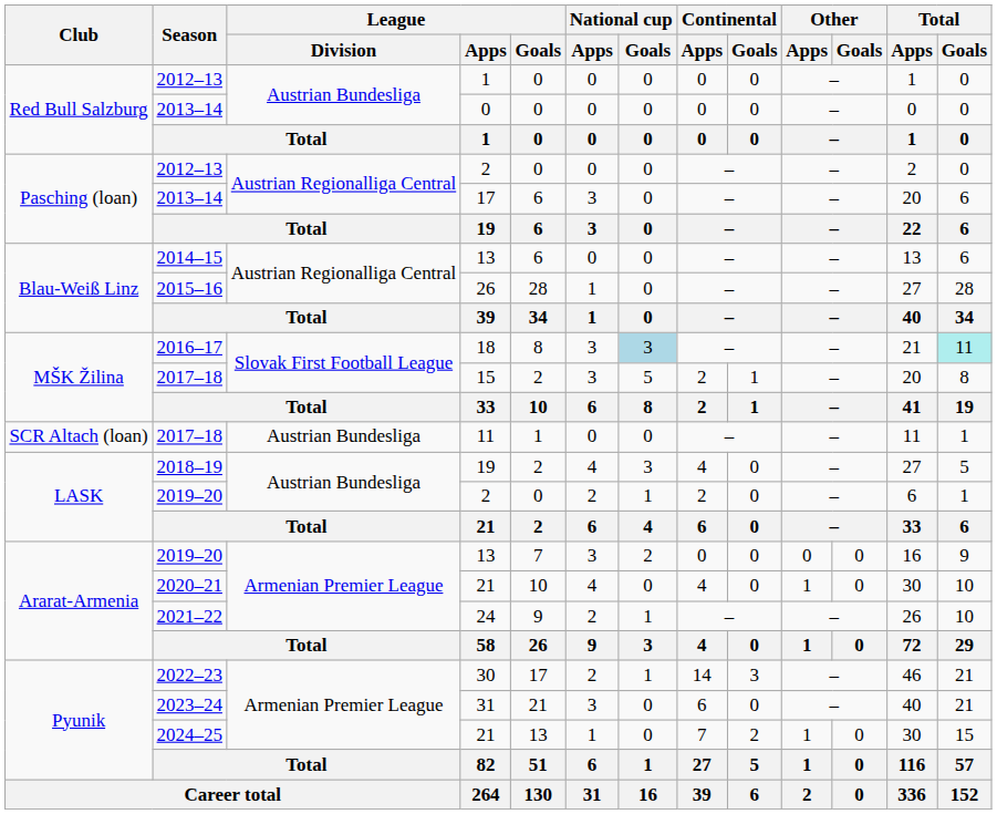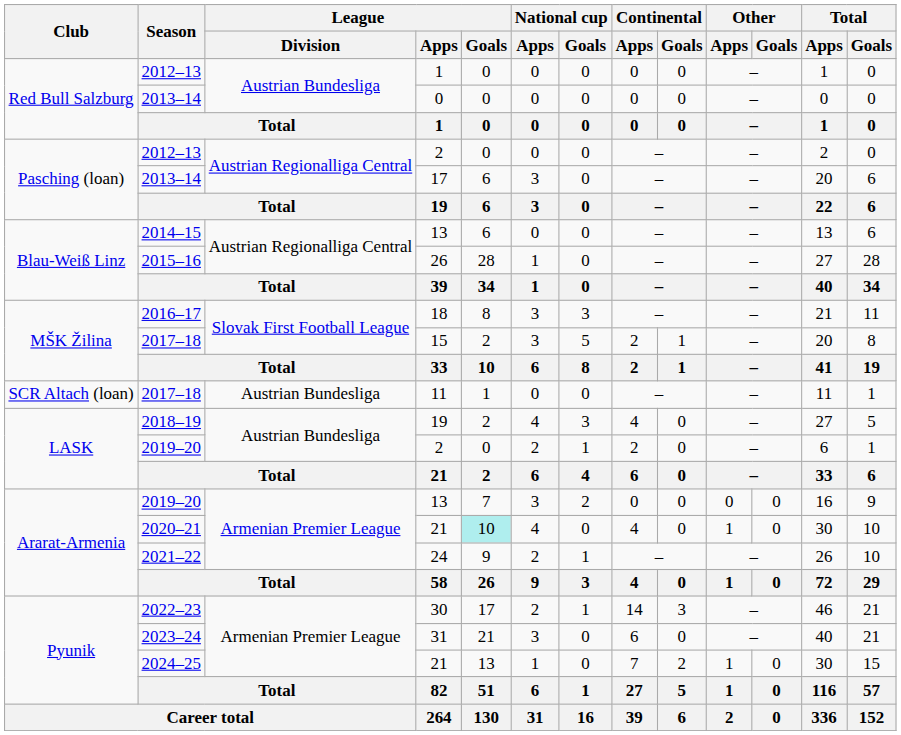 <table class="wikitable" style="text-align: center">
 <tr>
 <th rowspan="2">Club</th>
 <th rowspan="2">Season</th>
 <th colspan="3">League</th>
 <th colspan="2">National cup</th>
 <th colspan="2">Continental</th>
 <th colspan="2">Other</th>
 <th colspan="2">Total</th>
 </tr>
 <tr>
 <th>Division</th>
 <th>Apps</th>
 <th>Goals</th>
 <th>Apps</th>
 <th>Goals</th>
 <th>Apps</th>
 <th>Goals</th>
 <th>Apps</th>
 <th>Goals</th>
 <th>Apps</th>
 <th>Goals</th>
 </tr>
 <tr>
 <td rowspan="3"><a href='#'>Red Bull Salzburg</a></td>
 <td><a href='#'>2012–13</a></td>
 <td rowspan="2"><a href='#'>Austrian Bundesliga</a></td>
 <td>1</td>
 <td>0</td>
 <td>0</td>
 <td>0</td>
 <td>0</td>
 <td>0</td>
 <td colspan="2">–</td>
 <td>1</td>
 <td>0</td>
 </tr>
 <tr>
 <td><a href='#'>2013–14</a></td>
 <td>0</td>
 <td>0</td>
 <td>0</td>
 <td>0</td>
 <td>0</td>
 <td>0</td>
 <td colspan="2">–</td>
 <td>0</td>
 <td>0</td>
 </tr>
 <tr>
 <th colspan="2">Total</th>
 <th>1</th>
 <th>0</th>
 <th>0</th>
 <th>0</th>
 <th>0</th>
 <th>0</th>
 <th colspan="2">–</th>
 <th>1</th>
 <th>0</th>
 </tr>
 <tr>
 <td rowspan="3"><a href='#'>Pasching</a> (loan)</td>
 <td><a href='#'>2012–13</a></td>
 <td rowspan="2"><a href='#'>Austrian Regionalliga Central</a></td>
 <td>2</td>
 <td>0</td>
 <td>0</td>
 <td>0</td>
 <td colspan="2">–</td>
 <td colspan="2">–</td>
 <td>2</td>
 <td>0</td>
 </tr>
 <tr>
 <td><a href='#'>2013–14</a></td>
 <td>17</td>
 <td>6</td>
 <td>3</td>
 <td>0</td>
 <td colspan="2">–</td>
 <td colspan="2">–</td>
 <td>20</td>
 <td>6</td>
 </tr>
 <tr>
 <th colspan="2">Total</th>
 <th>19</th>
 <th>6</th>
 <th>3</th>
 <th>0</th>
 <th colspan="2">–</th>
 <th colspan="2">–</th>
 <th>22</th>
 <th>6</th>
 </tr>
 <tr>
 <td rowspan="3"><a href='#'>Blau-Weiß Linz</a></td>
 <td><a href='#'>2014–15</a></td>
 <td rowspan="2">Austrian Regionalliga Central</td>
 <td>13</td>
 <td>6</td>
 <td>0</td>
 <td>0</td>
 <td colspan="2">–</td>
 <td colspan="2">–</td>
 <td>13</td>
 <td>6</td>
 </tr>
 <tr>
 <td><a href='#'>2015–16</a></td>
 <td>26</td>
 <td>28</td>
 <td>1</td>
 <td>0</td>
 <td colspan="2">–</td>
 <td colspan="2">–</td>
 <td>27</td>
 <td>28</td>
 </tr>
 <tr>
 <th colspan="2">Total</th>
 <th>39</th>
 <th>34</th>
 <th>1</th>
 <th>0</th>
 <th colspan="2">–</th>
 <th colspan="2">–</th>
 <th>40</th>
 <th>34</th>
 </tr>
 <tr>
 <td rowspan="3"><a href='#'>MŠK Žilina</a></td>
 <td><a href='#'>2016–17</a></td>
 <td rowspan="2"><a href='#'>Slovak First Football League</a></td>
 <td>18</td>
 <td>8</td>
 <td>3</td>
-<td style="background: lightblue;">3</td>
+<td>3</td>
 <td colspan="2">–</td>
 <td colspan="2">–</td>
 <td>21</td>
-<td style="background: paleturquoise;">11</td>
+<td>11</td>
 </tr>
 <tr>
 <td><a href='#'>2017–18</a></td>
 <td>15</td>
 <td>2</td>
 <td>3</td>
 <td>5</td>
 <td>2</td>
 <td>1</td>
 <td colspan="2">–</td>
 <td>20</td>
 <td>8</td>
 </tr>
 <tr>
 <th colspan="2">Total</th>
 <th>33</th>
 <th>10</th>
 <th>6</th>
 <th>8</th>
 <th>2</th>
 <th>1</th>
 <th colspan="2">–</th>
 <th>41</th>
 <th>19</th>
 </tr>
 <tr>
 <td><a href='#'>SCR Altach</a> (loan)</td>
 <td><a href='#'>2017–18</a></td>
 <td>Austrian Bundesliga</td>
 <td>11</td>
 <td>1</td>
 <td>0</td>
 <td>0</td>
 <td colspan="2">–</td>
 <td colspan="2">–</td>
 <td>11</td>
 <td>1</td>
 </tr>
 <tr>
 <td rowspan="3"><a href='#'>LASK</a></td>
 <td><a href='#'>2018–19</a></td>
 <td rowspan="2">Austrian Bundesliga</td>
 <td>19</td>
 <td>2</td>
 <td>4</td>
 <td>3</td>
 <td>4</td>
 <td>0</td>
 <td colspan="2">–</td>
 <td>27</td>
 <td>5</td>
 </tr>
 <tr>
 <td><a href='#'>2019–20</a></td>
 <td>2</td>
 <td>0</td>
 <td>2</td>
 <td>1</td>
 <td>2</td>
 <td>0</td>
 <td colspan="2">–</td>
 <td>6</td>
 <td>1</td>
 </tr>
 <tr>
 <th colspan="2">Total</th>
 <th>21</th>
 <th>2</th>
 <th>6</th>
 <th>4</th>
 <th>6</th>
 <th>0</th>
 <th colspan="2">–</th>
 <th>33</th>
 <th>6</th>
 </tr>
 <tr>
 <td rowspan="4"><a href='#'>Ararat-Armenia</a></td>
 <td><a href='#'>2019–20</a></td>
 <td rowspan="3"><a href='#'>Armenian Premier League</a></td>
 <td>13</td>
 <td>7</td>
 <td>3</td>
 <td>2</td>
 <td>0</td>
 <td>0</td>
 <td>0</td>
 <td>0</td>
 <td>16</td>
 <td>9</td>
 </tr>
 <tr>
 <td><a href='#'>2020–21</a></td>
 <td>21</td>
-<td>10</td>
+<td style="background: paleturquoise;">10</td>
 <td>4</td>
 <td>0</td>
 <td>4</td>
 <td>0</td>
 <td>1</td>
 <td>0</td>
 <td>30</td>
 <td>10</td>
 </tr>
 <tr>
 <td><a href='#'>2021–22</a></td>
 <td>24</td>
 <td>9</td>
 <td>2</td>
 <td>1</td>
 <td colspan="2">–</td>
 <td colspan="2">–</td>
 <td>26</td>
 <td>10</td>
 </tr>
 <tr>
 <th colspan="2">Total</th>
 <th>58</th>
 <th>26</th>
 <th>9</th>
 <th>3</th>
 <th>4</th>
 <th>0</th>
 <th>1</th>
 <th>0</th>
 <th>72</th>
 <th>29</th>
 </tr>
 <tr>
 <td rowspan="4"><a href='#'>Pyunik</a></td>
 <td><a href='#'>2022–23</a></td>
 <td rowspan="3">Armenian Premier League</td>
 <td>30</td>
 <td>17</td>
 <td>2</td>
 <td>1</td>
 <td>14</td>
 <td>3</td>
 <td colspan="2">–</td>
 <td>46</td>
 <td>21</td>
 </tr>
 <tr>
 <td><a href='#'>2023–24</a></td>
 <td>31</td>
 <td>21</td>
 <td>3</td>
 <td>0</td>
 <td>6</td>
 <td>0</td>
 <td colspan="2">–</td>
 <td>40</td>
 <td>21</td>
 </tr>
 <tr>
 <td><a href='#'>2024–25</a></td>
 <td>21</td>
 <td>13</td>
 <td>1</td>
 <td>0</td>
 <td>7</td>
 <td>2</td>
 <td>1</td>
 <td>0</td>
 <td>30</td>
 <td>15</td>
 </tr>
 <tr>
 <th colspan="2">Total</th>
 <th>82</th>
 <th>51</th>
 <th>6</th>
 <th>1</th>
 <th>27</th>
 <th>5</th>
 <th>1</th>
 <th>0</th>
 <th>116</th>
 <th>57</th>
 </tr>
 <tr>
 <th colspan="3">Career total</th>
 <th>264</th>
 <th>130</th>
 <th>31</th>
 <th>16</th>
 <th>39</th>
 <th>6</th>
 <th>2</th>
 <th>0</th>
 <th>336</th>
 <th>152</th>
 </tr>
 </table>
